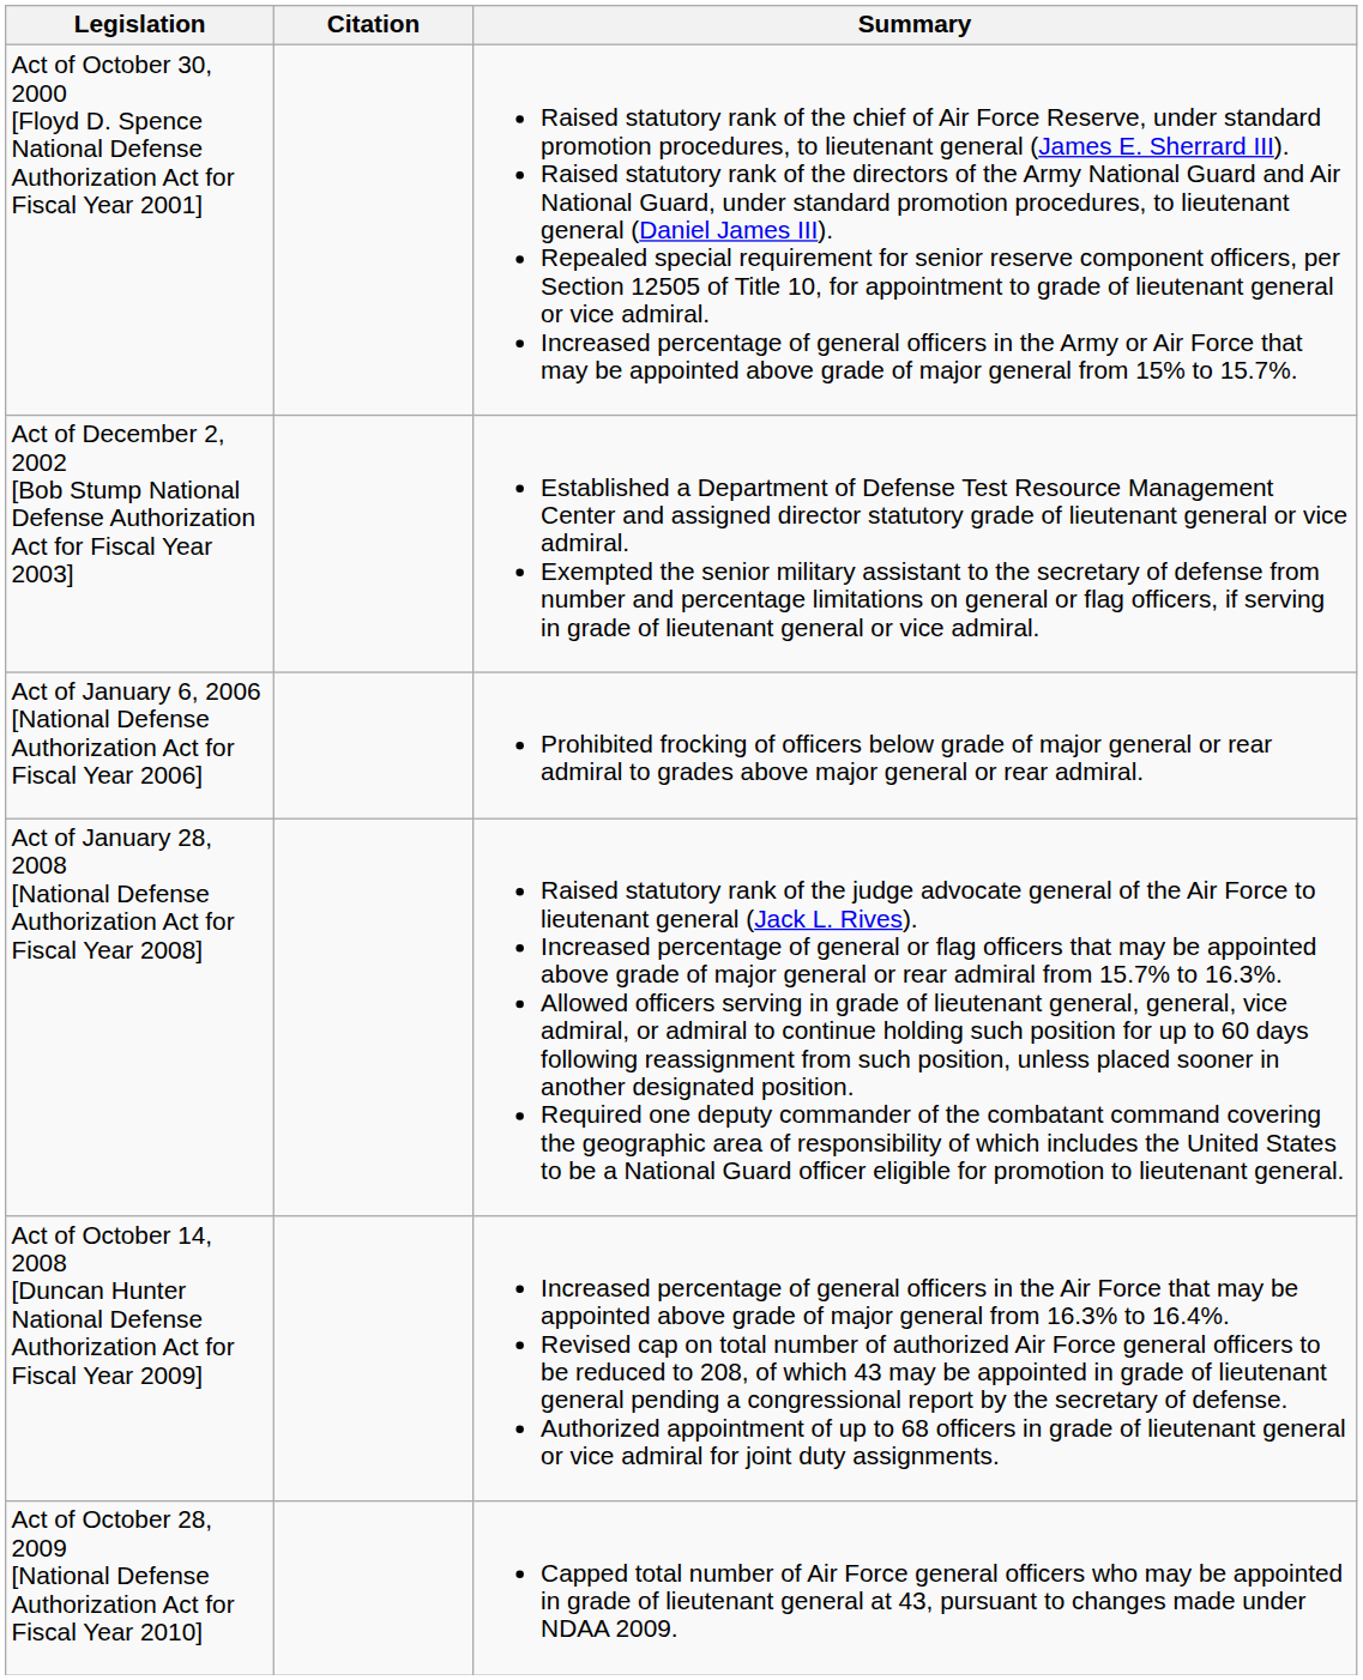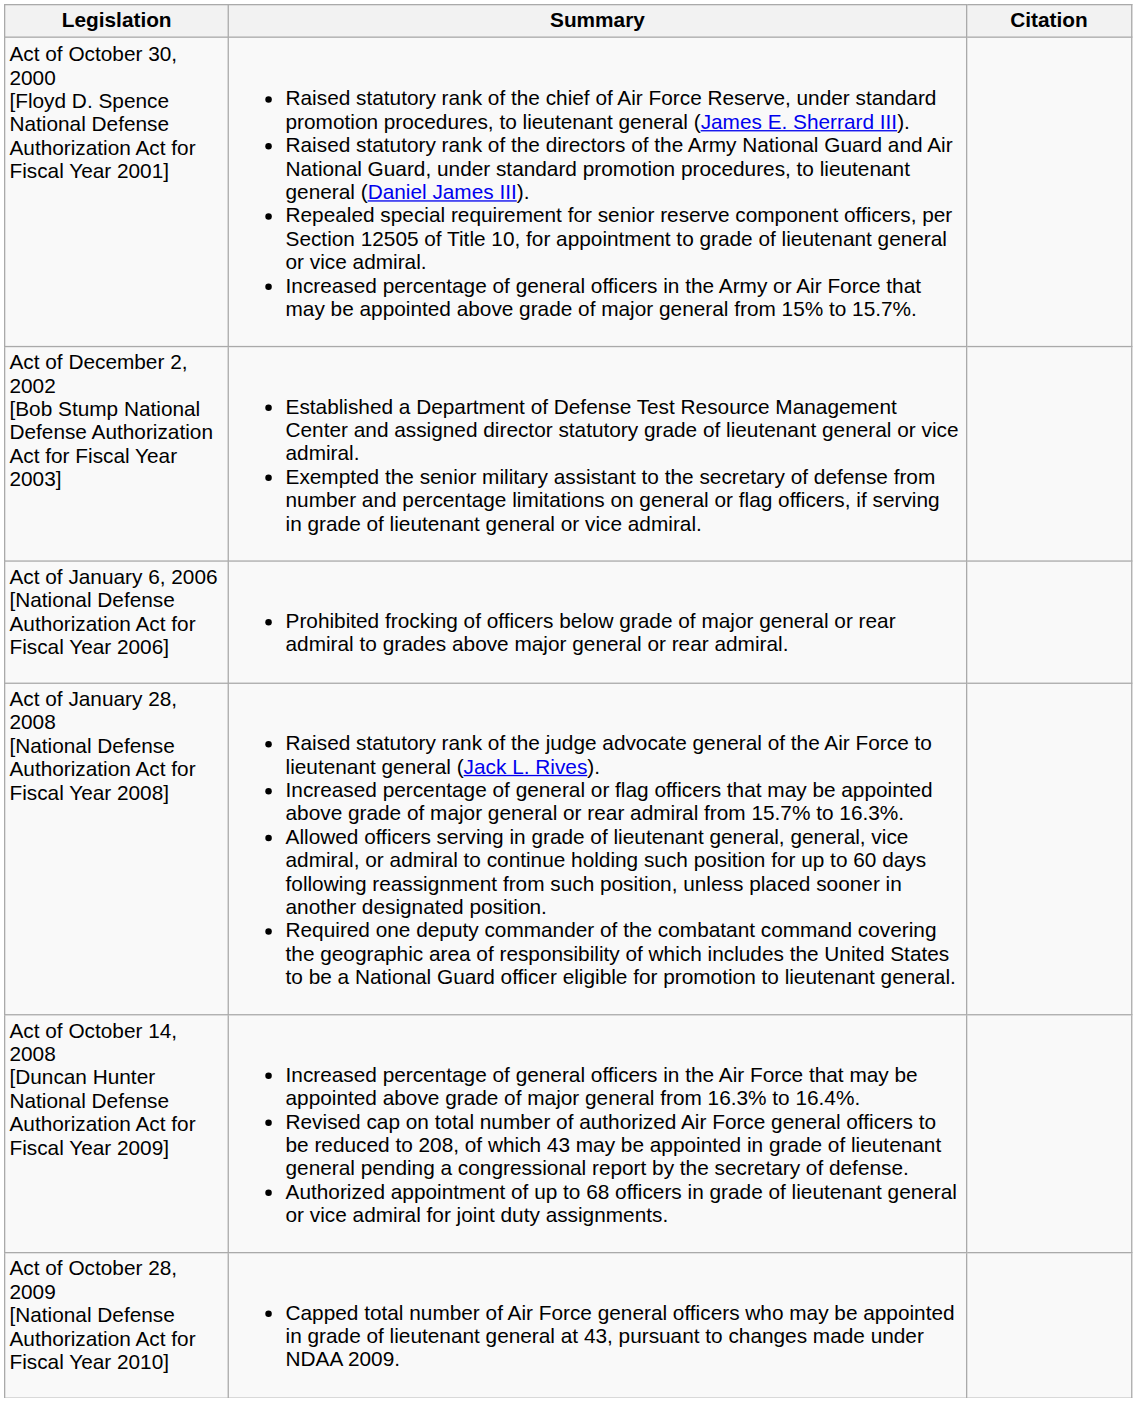 <table class="wikitable">
 <tr>
 <th scope="col" width = 165>Legislation</th>
+<th scope="col" class="unsortable">Summary</th>
 <th scope="col" width = 120>Citation</th>
-<th scope="col" class="unsortable">Summary</th>
 </tr>
 <tr style="vertical-align: top;">
 <td>Act of October 30, 2000<br>[Floyd D. Spence National Defense Authorization Act for Fiscal Year 2001]</td>
+<td><br><ul><li>Raised statutory rank of the chief of Air Force Reserve, under standard promotion procedures, to lieutenant general (<a href='#'>James E. Sherrard III</a>).</li><li>Raised statutory rank of the directors of the Army National Guard and Air National Guard, under standard promotion procedures, to lieutenant general (<a href='#'>Daniel James III</a>).</li><li>Repealed special requirement for senior reserve component officers, per Section 12505 of Title 10, for appointment to grade of lieutenant general or vice admiral.</li><li>Increased percentage of general officers in the Army or Air Force that may be appointed above grade of major general from 15% to 15.7%.</li></ul></td>
 <td> <br> </td>
-<td><br><ul><li>Raised statutory rank of the chief of Air Force Reserve, under standard promotion procedures, to lieutenant general (<a href='#'>James E. Sherrard III</a>).</li><li>Raised statutory rank of the directors of the Army National Guard and Air National Guard, under standard promotion procedures, to lieutenant general (<a href='#'>Daniel James III</a>).</li><li>Repealed special requirement for senior reserve component officers, per Section 12505 of Title 10, for appointment to grade of lieutenant general or vice admiral.</li><li>Increased percentage of general officers in the Army or Air Force that may be appointed above grade of major general from 15% to 15.7%.</li></ul></td>
 </tr>
 <tr style="vertical-align: top;">
 <td>Act of December 2, 2002<br>[Bob Stump National Defense Authorization Act for Fiscal Year 2003]</td>
+<td><br><ul><li>Established a Department of Defense Test Resource Management Center and assigned director statutory grade of lieutenant general or vice admiral.</li><li>Exempted the senior military assistant to the secretary of defense from number and percentage limitations on general or flag officers, if serving in grade of lieutenant general or vice admiral.</li></ul></td>
 <td> <br> </td>
-<td><br><ul><li>Established a Department of Defense Test Resource Management Center and assigned director statutory grade of lieutenant general or vice admiral.</li><li>Exempted the senior military assistant to the secretary of defense from number and percentage limitations on general or flag officers, if serving in grade of lieutenant general or vice admiral.</li></ul></td>
 </tr>
 <tr style="vertical-align: top;">
 <td>Act of January 6, 2006<br>[National Defense Authorization Act for Fiscal Year 2006]</td>
+<td><br><ul><li>Prohibited frocking of officers below grade of major general or rear admiral to grades above major general or rear admiral.</li></ul></td>
 <td> </td>
-<td><br><ul><li>Prohibited frocking of officers below grade of major general or rear admiral to grades above major general or rear admiral.</li></ul></td>
 </tr>
 <tr style="vertical-align: top;">
 <td>Act of January 28, 2008<br>[National Defense Authorization Act for Fiscal Year 2008]</td>
+<td><br><ul><li>Raised statutory rank of the judge advocate general of the Air Force to lieutenant general (<a href='#'>Jack L. Rives</a>).</li><li>Increased percentage of general or flag officers that may be appointed above grade of major general or rear admiral from 15.7% to 16.3%.</li><li>Allowed officers serving in grade of lieutenant general, general, vice admiral, or admiral to continue holding such position for up to 60 days following reassignment from such position, unless placed sooner in another designated position.</li><li>Required one deputy commander of the combatant command covering the geographic area of responsibility of which includes the United States to be a National Guard officer eligible for promotion to lieutenant general.</li></ul></td>
 <td> <br> <br> </td>
-<td><br><ul><li>Raised statutory rank of the judge advocate general of the Air Force to lieutenant general (<a href='#'>Jack L. Rives</a>).</li><li>Increased percentage of general or flag officers that may be appointed above grade of major general or rear admiral from 15.7% to 16.3%.</li><li>Allowed officers serving in grade of lieutenant general, general, vice admiral, or admiral to continue holding such position for up to 60 days following reassignment from such position, unless placed sooner in another designated position.</li><li>Required one deputy commander of the combatant command covering the geographic area of responsibility of which includes the United States to be a National Guard officer eligible for promotion to lieutenant general.</li></ul></td>
 </tr>
 <tr style="vertical-align: top;">
 <td>Act of October 14, 2008<br>[Duncan Hunter National Defense Authorization Act for Fiscal Year 2009]</td>
+<td><br><ul><li>Increased percentage of general officers in the Air Force that may be appointed above grade of major general from 16.3% to 16.4%.</li><li>Revised cap on total number of authorized Air Force general officers to be reduced to 208, of which 43 may be appointed in grade of lieutenant general pending a congressional report by the secretary of defense.</li><li>Authorized appointment of up to 68 officers in grade of lieutenant general or vice admiral for joint duty assignments.</li></ul></td>
 <td> <br> <br> </td>
-<td><br><ul><li>Increased percentage of general officers in the Air Force that may be appointed above grade of major general from 16.3% to 16.4%.</li><li>Revised cap on total number of authorized Air Force general officers to be reduced to 208, of which 43 may be appointed in grade of lieutenant general pending a congressional report by the secretary of defense.</li><li>Authorized appointment of up to 68 officers in grade of lieutenant general or vice admiral for joint duty assignments.</li></ul></td>
 </tr>
 <tr style="vertical-align: top;">
 <td>Act of October 28, 2009<br>[National Defense Authorization Act for Fiscal Year 2010]</td>
+<td><br><ul><li>Capped total number of Air Force general officers who may be appointed in grade of lieutenant general at 43, pursuant to changes made under NDAA 2009.</li></ul></td>
 <td> </td>
-<td><br><ul><li>Capped total number of Air Force general officers who may be appointed in grade of lieutenant general at 43, pursuant to changes made under NDAA 2009.</li></ul></td>
 </tr>
 </table>
